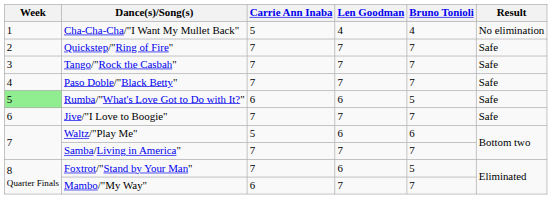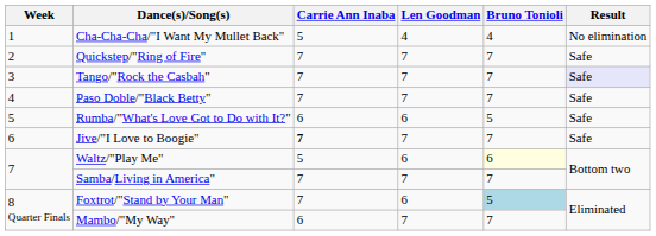 <table class="wikitable">
 <tr>
 <th>Week</th>
 <th>Dance(s)/Song(s)</th>
 <th><a href='#'>Carrie Ann Inaba</a></th>
 <th><a href='#'>Len Goodman</a></th>
 <th><a href='#'>Bruno Tonioli</a></th>
 <th>Result</th>
 </tr>
 <tr>
 <td>1</td>
 <td><a href='#'>Cha-Cha-Cha</a>/"I Want My Mullet Back"</td>
 <td>5</td>
 <td>4</td>
 <td>4</td>
 <td>No elimination</td>
 </tr>
 <tr>
 <td>2</td>
 <td><a href='#'>Quickstep</a>/"<a href='#'>Ring of Fire</a>"</td>
 <td>7</td>
 <td>7</td>
 <td>7</td>
 <td>Safe</td>
 </tr>
 <tr>
 <td>3</td>
 <td><a href='#'>Tango</a>/"<a href='#'>Rock the Casbah</a>"</td>
 <td>7</td>
 <td>7</td>
 <td>7</td>
-<td>Safe</td>
+<td style="background: lavender;">Safe</td>
 </tr>
 <tr>
 <td>4</td>
 <td><a href='#'>Paso Doble</a>/"<a href='#'>Black Betty</a>"</td>
 <td>7</td>
 <td>7</td>
 <td>7</td>
 <td>Safe</td>
 </tr>
 <tr>
-<td style="background: lightgreen;">5</td>
+<td>5</td>
 <td><a href='#'>Rumba</a>/"<a href='#'>What's Love Got to Do with It?</a>"</td>
 <td>6</td>
 <td>6</td>
 <td>5</td>
 <td>Safe</td>
 </tr>
 <tr>
 <td>6</td>
 <td><a href='#'>Jive</a>/"I Love to Boogie"</td>
-<td>7</td>
+<td><strong>7</strong></td>
 <td>7</td>
 <td>7</td>
 <td>Safe</td>
 </tr>
 <tr>
 <td rowspan="2">7</td>
 <td><a href='#'>Waltz</a>/"Play Me"</td>
 <td>5</td>
 <td>6</td>
-<td>6</td>
+<td style="background: lightyellow;">6</td>
 <td rowspan="2">Bottom two</td>
 </tr>
 <tr>
 <td><a href='#'>Samba</a>/<a href='#'>Living in America</a>"</td>
 <td>7</td>
 <td>7</td>
 <td>7</td>
 </tr>
 <tr>
 <td rowspan="2">8<br><small>Quarter Finals</small></td>
 <td><a href='#'>Foxtrot</a>/"<a href='#'>Stand by Your Man</a>"</td>
 <td>7</td>
 <td>6</td>
-<td>5</td>
+<td style="background: lightblue;">5</td>
 <td rowspan="2">Eliminated</td>
 </tr>
 <tr>
 <td><a href='#'>Mambo</a>/"My Way"</td>
 <td>6</td>
 <td>7</td>
 <td>7</td>
 </tr>
 </table>
